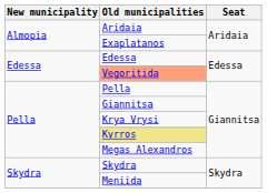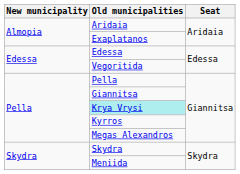 <table class="wikitable">
 <tr>
 <th>New municipality</th>
 <th>Old municipalities</th>
 <th>Seat</th>
 </tr>
 <tr>
 <td rowspan=2><a href='#'>Almopia</a></td>
 <td><a href='#'>Aridaia</a></td>
 <td rowspan=2>Aridaia</td>
 </tr>
 <tr>
 <td><a href='#'>Exaplatanos</a></td>
 </tr>
 <tr>
 <td rowspan=2><a href='#'>Edessa</a></td>
 <td><a href='#'>Edessa</a></td>
 <td rowspan=2>Edessa</td>
 </tr>
 <tr>
-<td style="background: lightsalmon;"><a href='#'>Vegoritida</a></td>
+<td><a href='#'>Vegoritida</a></td>
 </tr>
 <tr>
 <td rowspan=5><a href='#'>Pella</a></td>
 <td><a href='#'>Pella</a></td>
 <td rowspan=5>Giannitsa</td>
 </tr>
 <tr>
 <td><a href='#'>Giannitsa</a></td>
 </tr>
 <tr>
-<td><a href='#'>Krya Vrysi</a></td>
+<td style="background: paleturquoise;"><a href='#'>Krya Vrysi</a></td>
 </tr>
 <tr>
-<td style="background: khaki;"><a href='#'>Kyrros</a></td>
+<td><a href='#'>Kyrros</a></td>
 </tr>
 <tr>
 <td><a href='#'>Megas Alexandros</a></td>
 </tr>
 <tr>
 <td rowspan=2><a href='#'>Skydra</a></td>
 <td><a href='#'>Skydra</a></td>
 <td rowspan=2>Skydra</td>
 </tr>
 <tr>
 <td><a href='#'>Meniida</a></td>
 </tr>
 </table>
